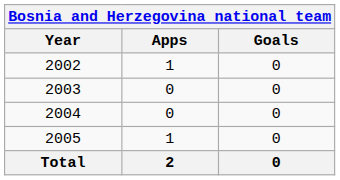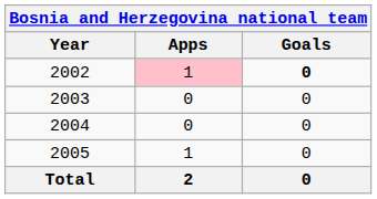 <table class="wikitable" style="text-align:center">
 <tr>
 <th colspan=3><a href='#'>Bosnia and Herzegovina national team</a></th>
 </tr>
 <tr>
 <th>Year</th>
 <th>Apps</th>
 <th>Goals</th>
 </tr>
 <tr>
 <td>2002</td>
-<td>1</td>
-<td>0</td>
+<td style="background: pink;">1</td>
+<td><strong>0</strong></td>
 </tr>
 <tr>
 <td>2003</td>
 <td>0</td>
 <td>0</td>
 </tr>
 <tr>
 <td>2004</td>
 <td>0</td>
 <td>0</td>
 </tr>
 <tr>
 <td>2005</td>
 <td>1</td>
 <td>0</td>
 </tr>
 <tr>
 <th>Total</th>
 <th>2</th>
 <th>0</th>
 </tr>
 </table>
